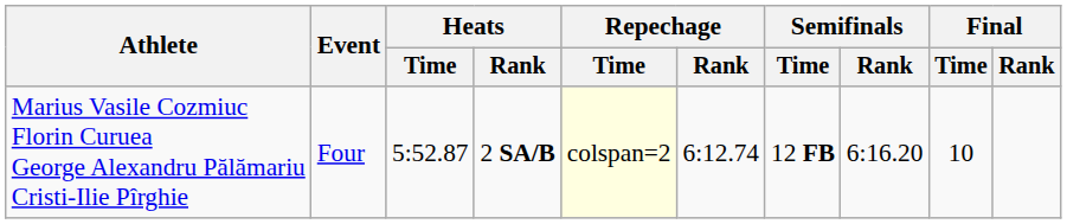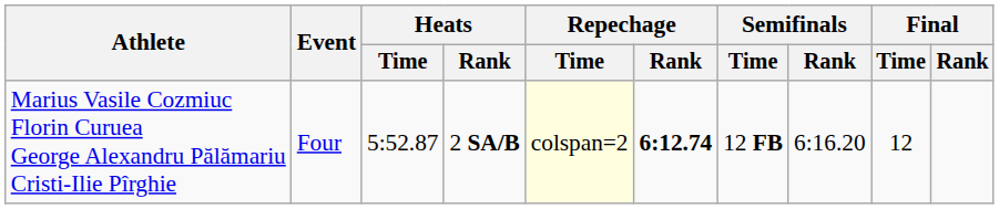 <table class="wikitable" style="font-size:90%">
 <tr>
 <th rowspan=2>Athlete</th>
 <th rowspan=2>Event</th>
 <th colspan="2">Heats</th>
 <th colspan="2">Repechage</th>
 <th colspan="2">Semifinals</th>
 <th colspan="2">Final</th>
 </tr>
 <tr style="font-size:95%">
 <th>Time</th>
 <th>Rank</th>
 <th>Time</th>
 <th>Rank</th>
 <th>Time</th>
 <th>Rank</th>
 <th>Time</th>
 <th>Rank</th>
 </tr>
 <tr align=center>
 <td align=left><a href='#'>Marius Vasile Cozmiuc</a><br><a href='#'>Florin Curuea</a><br><a href='#'>George Alexandru Pălămariu</a><br><a href='#'>Cristi-Ilie Pîrghie</a></td>
 <td align=left><a href='#'>Four</a></td>
 <td>5:52.87</td>
 <td>2 <strong>SA/B</strong></td>
 <td style="background: lightyellow;">colspan=2 </td>
-<td>6:12.74</td>
+<td><strong>6:12.74</strong></td>
 <td>12 <strong>FB</strong></td>
 <td>6:16.20</td>
-<td>10</td>
+<td>12</td>
 </tr>
 </table>
